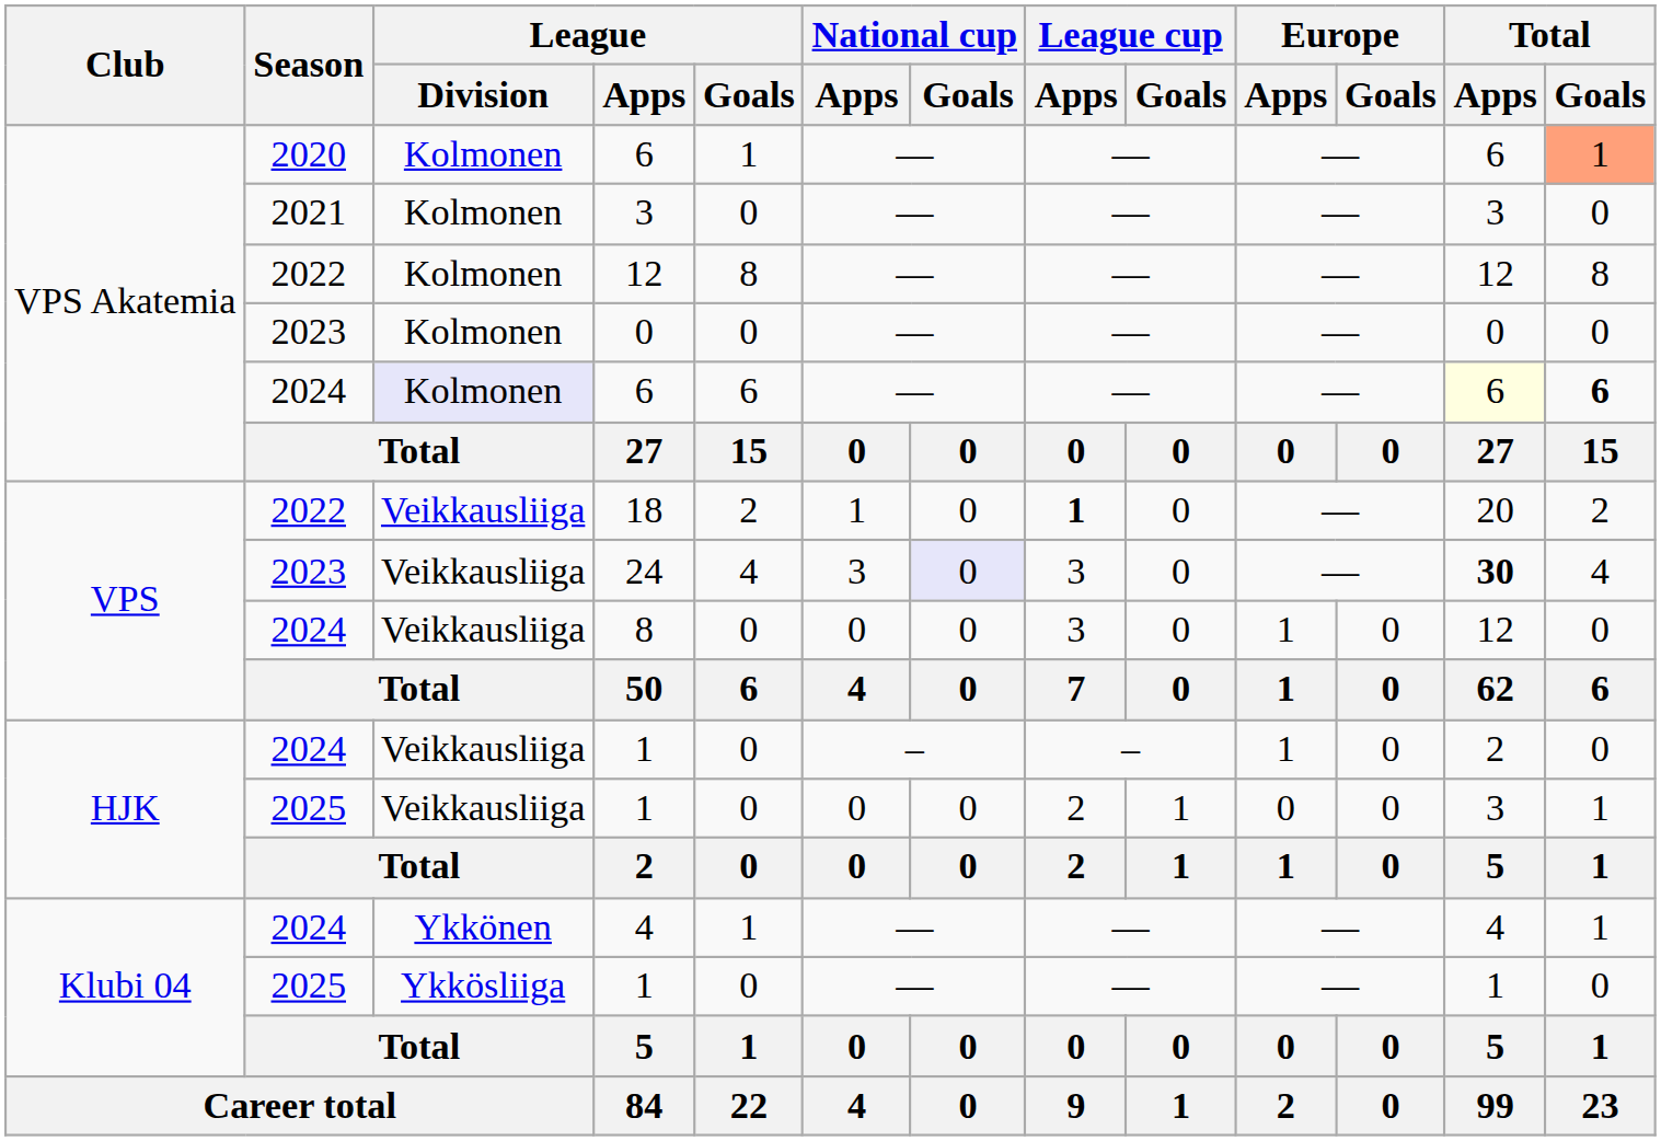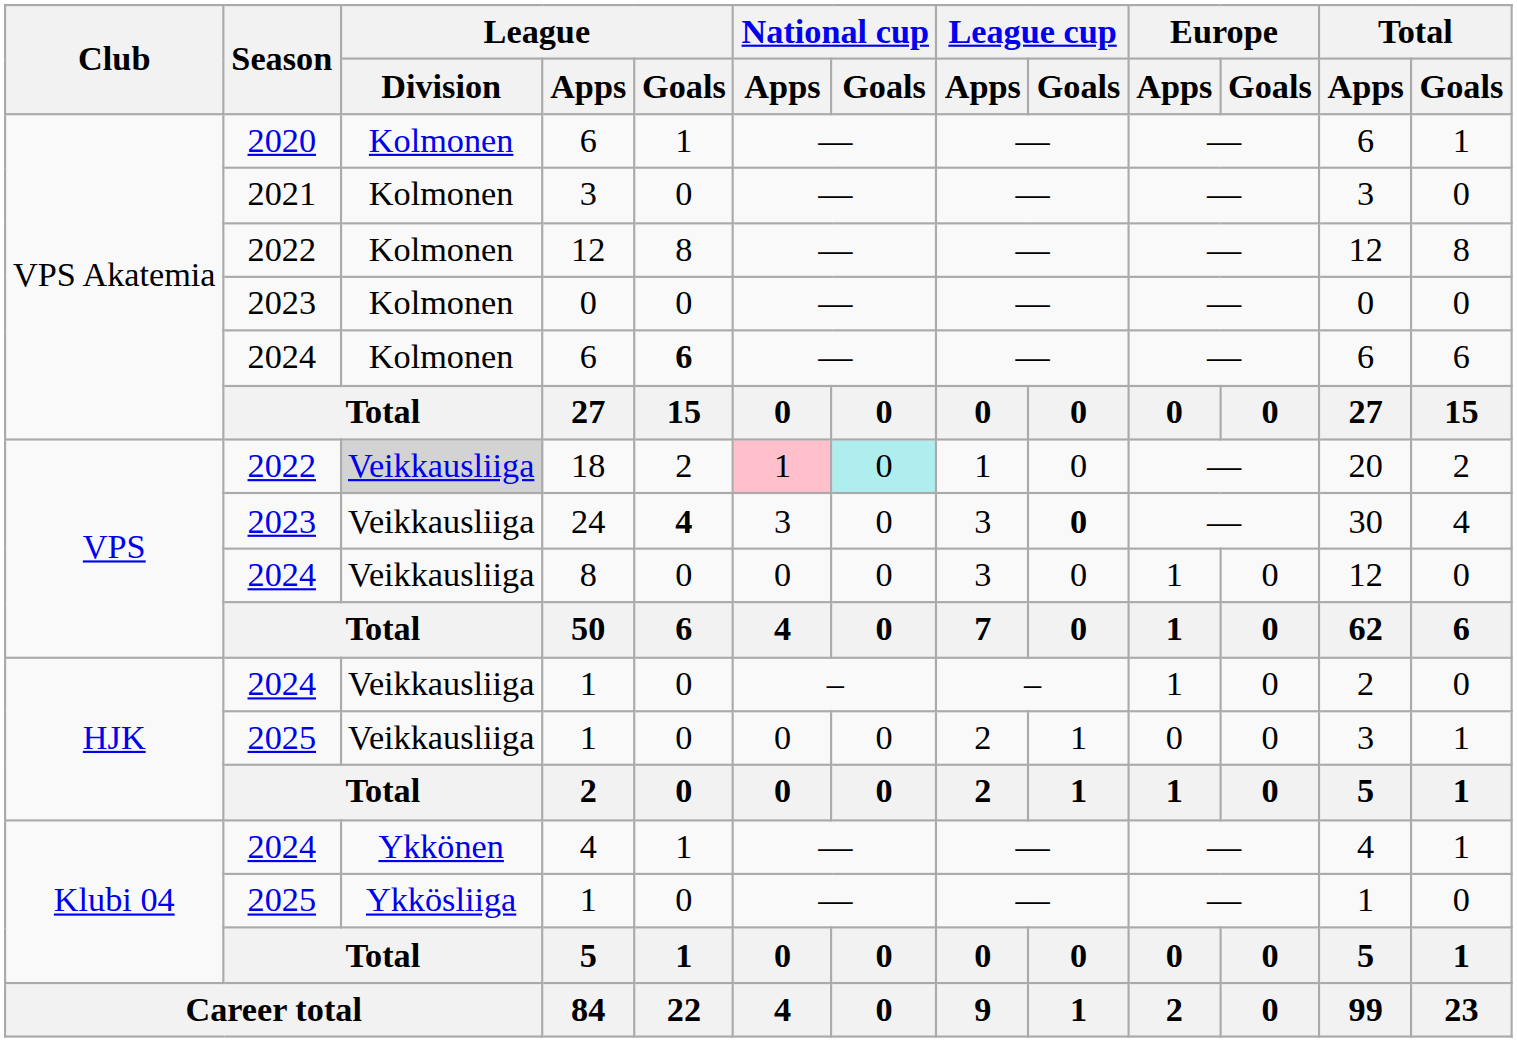 <table class="wikitable" style="text-align:center">
 <tr>
 <th rowspan="2">Club</th>
 <th rowspan="2">Season</th>
 <th colspan="3">League</th>
 <th colspan="2"><a href='#'>National cup</a></th>
 <th colspan="2"><a href='#'>League cup</a></th>
 <th colspan="2">Europe</th>
 <th colspan="2">Total</th>
 </tr>
 <tr>
 <th>Division</th>
 <th>Apps</th>
 <th>Goals</th>
 <th>Apps</th>
 <th>Goals</th>
 <th>Apps</th>
 <th>Goals</th>
 <th>Apps</th>
 <th>Goals</th>
 <th>Apps</th>
 <th>Goals</th>
 </tr>
 <tr>
 <td rowspan="6">VPS Akatemia</td>
 <td><a href='#'>2020</a></td>
 <td><a href='#'>Kolmonen</a></td>
 <td>6</td>
 <td>1</td>
 <td colspan="2">—</td>
 <td colspan="2">—</td>
 <td colspan="2">—</td>
 <td>6</td>
-<td style="background: lightsalmon;">1</td>
+<td>1</td>
 </tr>
 <tr>
 <td>2021</td>
 <td>Kolmonen</td>
 <td>3</td>
 <td>0</td>
 <td colspan="2">—</td>
 <td colspan="2">—</td>
 <td colspan="2">—</td>
 <td>3</td>
 <td>0</td>
 </tr>
 <tr>
 <td>2022</td>
 <td>Kolmonen</td>
 <td>12</td>
 <td>8</td>
 <td colspan="2">—</td>
 <td colspan="2">—</td>
 <td colspan="2">—</td>
 <td>12</td>
 <td>8</td>
 </tr>
 <tr>
 <td>2023</td>
 <td>Kolmonen</td>
 <td>0</td>
 <td>0</td>
 <td colspan="2">—</td>
 <td colspan="2">—</td>
 <td colspan="2">—</td>
 <td>0</td>
 <td>0</td>
 </tr>
 <tr>
 <td>2024</td>
-<td style="background: lavender;">Kolmonen</td>
+<td>Kolmonen</td>
 <td>6</td>
-<td>6</td>
+<td><strong>6</strong></td>
 <td colspan="2">—</td>
 <td colspan="2">—</td>
 <td colspan="2">—</td>
-<td style="background: lightyellow;">6</td>
-<td><strong>6</strong></td>
+<td>6</td>
+<td>6</td>
 </tr>
 <tr>
 <th colspan="2">Total</th>
 <th>27</th>
 <th>15</th>
 <th>0</th>
 <th>0</th>
 <th>0</th>
 <th>0</th>
 <th>0</th>
 <th>0</th>
 <th>27</th>
 <th>15</th>
 </tr>
 <tr>
 <td rowspan="4"><a href='#'>VPS</a></td>
 <td><a href='#'>2022</a></td>
-<td><a href='#'>Veikkausliiga</a></td>
+<td style="background: lightgrey;"><a href='#'>Veikkausliiga</a></td>
 <td>18</td>
 <td>2</td>
+<td style="background: pink;">1</td>
+<td style="background: paleturquoise;">0</td>
 <td>1</td>
-<td>0</td>
-<td><strong>1</strong></td>
 <td>0</td>
 <td colspan="2">—</td>
 <td>20</td>
 <td>2</td>
 </tr>
 <tr>
 <td><a href='#'>2023</a></td>
 <td>Veikkausliiga</td>
 <td>24</td>
-<td>4</td>
-<td>3</td>
-<td style="background: lavender;">0</td>
+<td><strong>4</strong></td>
 <td>3</td>
 <td>0</td>
+<td>3</td>
+<td><strong>0</strong></td>
 <td colspan="2">—</td>
-<td><strong>30</strong></td>
+<td>30</td>
 <td>4</td>
 </tr>
 <tr>
 <td><a href='#'>2024</a></td>
 <td>Veikkausliiga</td>
 <td>8</td>
 <td>0</td>
 <td>0</td>
 <td>0</td>
 <td>3</td>
 <td>0</td>
 <td>1</td>
 <td>0</td>
 <td>12</td>
 <td>0</td>
 </tr>
 <tr>
 <th colspan="2">Total</th>
 <th>50</th>
 <th>6</th>
 <th>4</th>
 <th>0</th>
 <th>7</th>
 <th>0</th>
 <th>1</th>
 <th>0</th>
 <th>62</th>
 <th>6</th>
 </tr>
 <tr>
 <td rowspan=3><a href='#'>HJK</a></td>
 <td><a href='#'>2024</a></td>
 <td>Veikkausliiga</td>
 <td>1</td>
 <td>0</td>
 <td colspan=2>–</td>
 <td colspan=2>–</td>
 <td>1</td>
 <td>0</td>
 <td>2</td>
 <td>0</td>
 </tr>
 <tr>
 <td><a href='#'>2025</a></td>
 <td>Veikkausliiga</td>
 <td>1</td>
 <td>0</td>
 <td>0</td>
 <td>0</td>
 <td>2</td>
 <td>1</td>
 <td>0</td>
 <td>0</td>
 <td>3</td>
 <td>1</td>
 </tr>
 <tr>
 <th colspan=2>Total</th>
 <th>2</th>
 <th>0</th>
 <th>0</th>
 <th>0</th>
 <th>2</th>
 <th>1</th>
 <th>1</th>
 <th>0</th>
 <th>5</th>
 <th>1</th>
 </tr>
 <tr>
 <td rowspan=3><a href='#'>Klubi 04</a></td>
 <td><a href='#'>2024</a></td>
 <td><a href='#'>Ykkönen</a></td>
 <td>4</td>
 <td>1</td>
 <td colspan="2">—</td>
 <td colspan="2">—</td>
 <td colspan="2">—</td>
 <td>4</td>
 <td>1</td>
 </tr>
 <tr>
 <td><a href='#'>2025</a></td>
 <td><a href='#'>Ykkösliiga</a></td>
 <td>1</td>
 <td>0</td>
 <td colspan="2">—</td>
 <td colspan="2">—</td>
 <td colspan="2">—</td>
 <td>1</td>
 <td>0</td>
 </tr>
 <tr>
 <th colspan=2>Total</th>
 <th>5</th>
 <th>1</th>
 <th>0</th>
 <th>0</th>
 <th>0</th>
 <th>0</th>
 <th>0</th>
 <th>0</th>
 <th>5</th>
 <th>1</th>
 </tr>
 <tr>
 <th colspan="3">Career total</th>
 <th>84</th>
 <th>22</th>
 <th>4</th>
 <th>0</th>
 <th>9</th>
 <th>1</th>
 <th>2</th>
 <th>0</th>
 <th>99</th>
 <th>23</th>
 </tr>
 </table>
